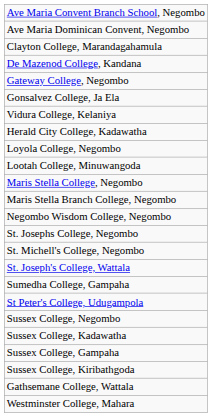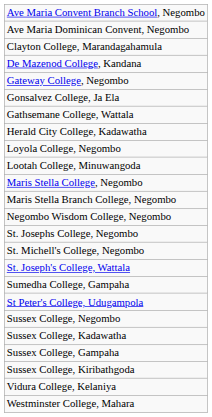 <table class="wikitable">
 <tr>
 <td><a href='#'>Ave Maria Convent Branch School</a>, Negombo</td>
 </tr>
 <tr>
 <td>Ave Maria Dominican Convent, Negombo</td>
 </tr>
 <tr>
 <td>Clayton College, Marandagahamula</td>
 </tr>
 <tr>
 <td><a href='#'>De Mazenod College</a>, Kandana</td>
 </tr>
 <tr>
 <td><a href='#'>Gateway College</a>, Negombo</td>
 </tr>
 <tr>
 <td>Gonsalvez College, Ja Ela</td>
 </tr>
 <tr>
-<td>Vidura College, Kelaniya</td>
+<td>Gathsemane College, Wattala</td>
 </tr>
 <tr>
 <td>Herald City College, Kadawatha</td>
 </tr>
 <tr>
 <td>Loyola College, Negombo</td>
 </tr>
 <tr>
 <td>Lootah College, Minuwangoda</td>
 </tr>
 <tr>
 <td><a href='#'>Maris Stella College</a>, Negombo</td>
 </tr>
 <tr>
 <td>Maris Stella Branch College, Negombo</td>
 </tr>
 <tr>
 <td>Negombo Wisdom College, Negombo</td>
 </tr>
 <tr>
 <td>St. Josephs College, Negombo</td>
 </tr>
 <tr>
 <td>St. Michell's College, Negombo</td>
 </tr>
 <tr>
 <td><a href='#'>St. Joseph's College, Wattala</a></td>
 </tr>
 <tr>
 <td>Sumedha College, Gampaha</td>
 </tr>
 <tr>
 <td><a href='#'>St Peter's College, Udugampola</a></td>
 </tr>
 <tr>
 <td>Sussex College, Negombo</td>
 </tr>
 <tr>
 <td>Sussex College, Kadawatha</td>
 </tr>
 <tr>
 <td>Sussex College, Gampaha</td>
 </tr>
 <tr>
 <td>Sussex College, Kiribathgoda</td>
 </tr>
 <tr>
-<td>Gathsemane College, Wattala</td>
+<td>Vidura College, Kelaniya</td>
 </tr>
 <tr>
 <td>Westminster College, Mahara</td>
 </tr>
 </table>
